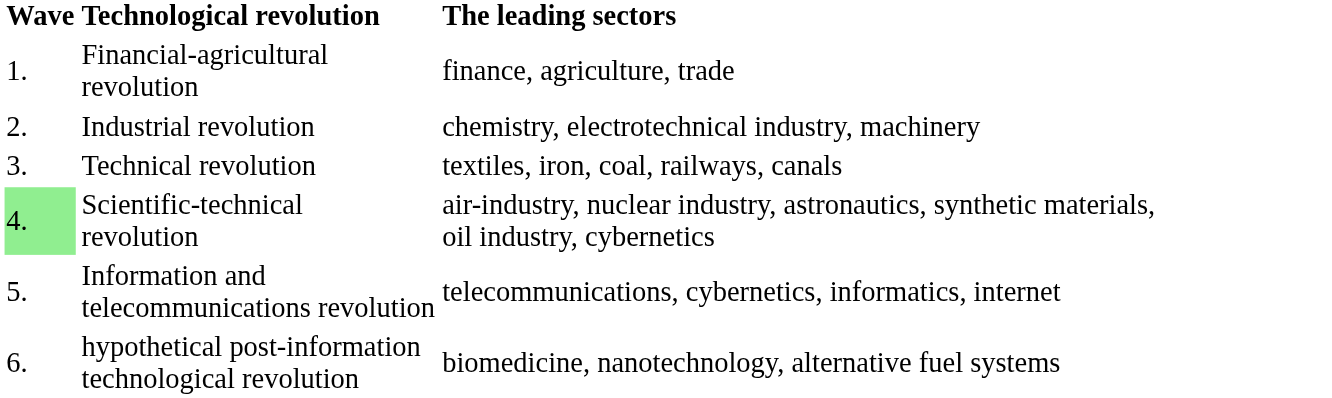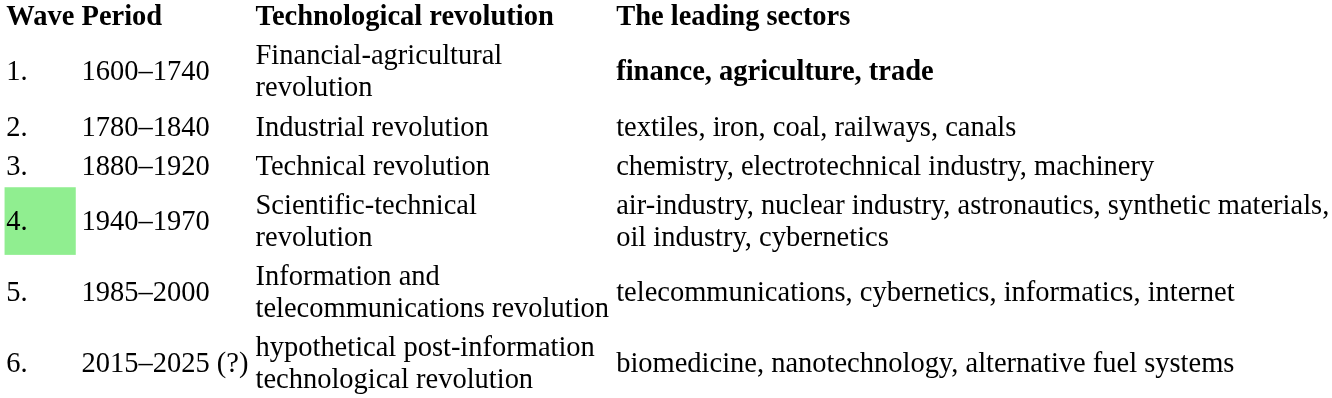 <table ->
 <tr>
 <td><strong>Wave</strong></td>
+<td><strong>Period</strong></td>
 <td><strong>Technological revolution</strong></td>
 <td><strong>The leading sectors</strong></td>
 </tr>
 <tr>
 <td>1.</td>
+<td>1600–1740</td>
 <td>Financial-agricultural<br>revolution</td>
-<td>finance, agriculture, trade</td>
+<td><strong>finance, agriculture, trade</strong></td>
 </tr>
 <tr>
 <td>2.</td>
+<td>1780–1840</td>
 <td>Industrial revolution</td>
+<td>textiles, iron, coal, railways, canals</td>
+</tr>
+<tr>
+<td>3.</td>
+<td>1880–1920</td>
+<td>Technical revolution</td>
 <td>chemistry, electrotechnical industry, machinery</td>
 </tr>
 <tr>
-<td>3.</td>
-<td>Technical revolution</td>
-<td>textiles, iron, coal, railways, canals</td>
-</tr>
-<tr>
 <td style="background: lightgreen;">4.</td>
+<td>1940–1970</td>
 <td>Scientific-technical<br>revolution</td>
 <td>air-industry, nuclear industry, astronautics, synthetic materials,<br>oil industry, cybernetics</td>
 </tr>
 <tr>
 <td>5.</td>
+<td>1985–2000</td>
 <td>Information and<br>telecommunications revolution</td>
 <td>telecommunications, cybernetics, informatics, internet</td>
 </tr>
 <tr>
 <td>6.</td>
+<td>2015–2025 (?)</td>
 <td>hypothetical post-information<br>technological revolution</td>
 <td>biomedicine, nanotechnology, alternative fuel systems</td>
 </tr>
 </table>
